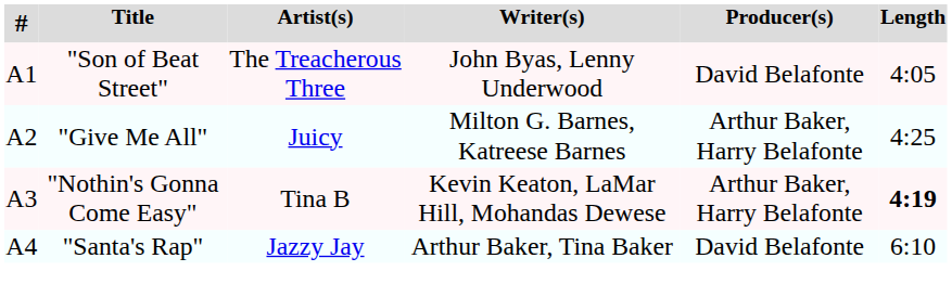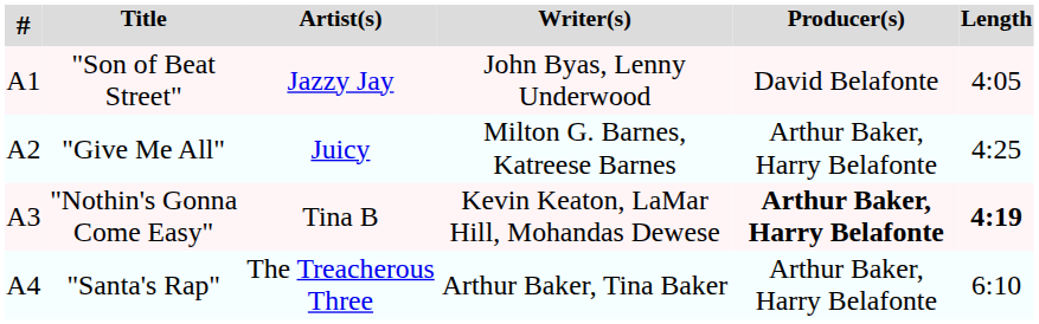 <table bgcolor="white" cellpadding="1" cellspacing="0" border="0" style="font-size: 113%; border: white solid 0px; border-collapse: collapse;" width="75%">
 <tr bgcolor="gainsboro">
 <th>#</th>
 <th><sup>Title</sup></th>
 <th><sup>Artist(s)</sup></th>
 <th><sup>Writer(s)</sup></th>
 <th><sup>Producer(s)</sup></th>
 <th><sup>Length</sup></th>
 </tr>
 <tr style="background: #FFF5F7; color: black;">
 <td align="center">A1</td>
 <td align="center">"Son of Beat Street"</td>
-<td align="center">The <a href='#'>Treacherous Three</a></td>
+<td align="center"><a href='#'>Jazzy Jay</a></td>
 <td align="center">John Byas, Lenny Underwood</td>
 <td align="center">David Belafonte</td>
 <td align="center">4:05</td>
 </tr>
 <tr style="background: #F5FFFF; color: black;">
 <td align="center">A2</td>
 <td align="center">"Give Me All"</td>
 <td align="center"><a href='#'>Juicy</a></td>
 <td align="center">Milton G. Barnes, Katreese Barnes</td>
 <td align="center">Arthur Baker, Harry Belafonte</td>
 <td align="center">4:25</td>
 </tr>
 <tr style="background: #FFF5F7; color: black;">
 <td align="center">A3</td>
 <td align="center">"Nothin's Gonna Come Easy"</td>
 <td align="center">Tina B</td>
 <td align="center">Kevin Keaton, LaMar Hill, Mohandas Dewese</td>
-<td align="center">Arthur Baker, Harry Belafonte</td>
+<td align="center"><strong>Arthur Baker, Harry Belafonte</strong></td>
 <td align="center"><strong>4:19</strong></td>
 </tr>
 <tr style="background: #F5FFFF; color: black;">
 <td align="center">A4</td>
 <td align="center">"Santa's Rap"</td>
-<td align="center"><a href='#'>Jazzy Jay</a></td>
+<td align="center">The <a href='#'>Treacherous Three</a></td>
 <td align="center">Arthur Baker, Tina Baker</td>
-<td align="center">David Belafonte</td>
+<td align="center">Arthur Baker, Harry Belafonte</td>
 <td align="center">6:10</td>
 </tr>
 </table>
